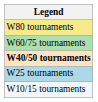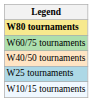 <table class="wikitable" style="font-size:85%">
 <tr>
 <th>Legend</th>
 </tr>
 <tr style="background:#f7e98e;">
-<td>W80 tournaments</td>
+<td><strong>W80 tournaments</strong></td>
 </tr>
 <tr style="background:#addfad;">
 <td>W60/75 tournaments</td>
 </tr>
 <tr style="background:#ffe4c4;">
-<td><strong>W40/50 tournaments</strong></td>
+<td>W40/50 tournaments</td>
 </tr>
 <tr style="background:lightblue;">
 <td>W25 tournaments</td>
 </tr>
 <tr style="background:#f0f8ff;">
 <td>W10/15 tournaments</td>
 </tr>
 </table>
